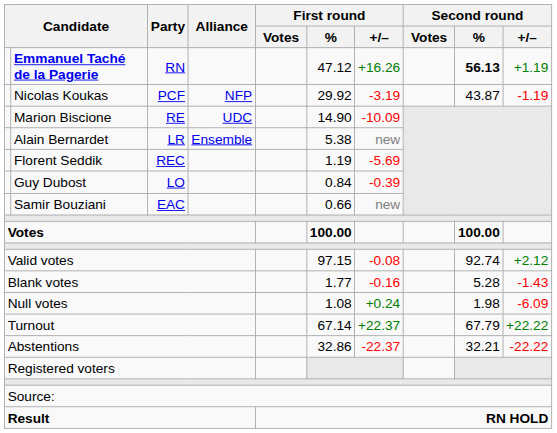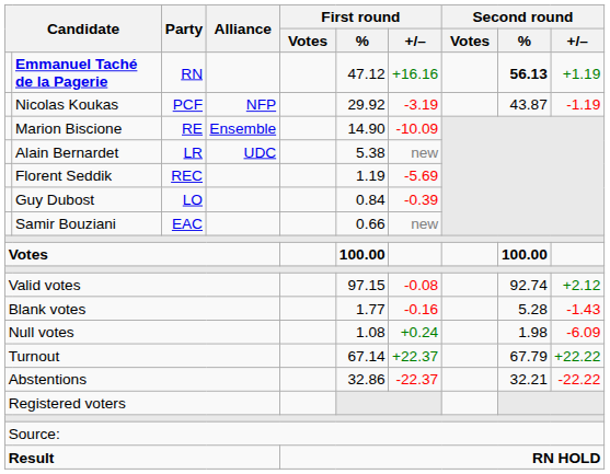 <table class="wikitable" style="text-align:right;font-size:95%;">
 <tr>
 <th rowspan="2" colspan="2">Candidate</th>
 <th colspan="1" rowspan="2">Party</th>
 <th colspan="1" rowspan="2">Alliance</th>
 <th colspan="3">First round</th>
 <th colspan="3">Second round</th>
 </tr>
 <tr>
 <th style="width:50px;">Votes</th>
 <th style="width:45px;">%</th>
 <th style="width:45px;">+/–</th>
 <th style="width:50px;">Votes</th>
 <th style="width:45px;">%</th>
 <th style="width:45px;">+/–</th>
 </tr>
 <tr>
 <td style="color:inherit;background:"></td>
 <td style="text-align:left;"><strong><a href='#'>Emmanuel Taché de la Pagerie</a></strong></td>
 <td><a href='#'>RN</a></td>
 <td></td>
 <td></td>
 <td>47.12</td>
-<td style="color:green;">+16.26</td>
+<td style="color:green;">+16.16</td>
 <td><strong></strong></td>
 <td><strong>56.13</strong></td>
 <td style="color:green;">+1.19</td>
 </tr>
 <tr>
 <td style="color:inherit;background:"></td>
 <td style="text-align:left;">Nicolas Koukas</td>
 <td><a href='#'>PCF</a></td>
 <td><a href='#'>NFP</a></td>
 <td></td>
 <td>29.92</td>
 <td style="color:red;">-3.19</td>
 <td></td>
 <td>43.87</td>
 <td style="color:red;">-1.19</td>
 </tr>
 <tr>
 <td style="color:inherit;background:"></td>
 <td style="text-align:left;">Marion Biscione</td>
 <td><a href='#'>RE</a></td>
-<td><a href='#'>UDC</a></td>
+<td><a href='#'>Ensemble</a></td>
 <td></td>
 <td>14.90</td>
 <td style="color:red;">-10.09</td>
 <td colspan="3" rowspan="5" style="background:#E9E9E9;"></td>
 </tr>
 <tr>
 <td style="color:inherit;background:"></td>
 <td style="text-align:left;">Alain Bernardet</td>
 <td><a href='#'>LR</a></td>
-<td><a href='#'>Ensemble</a></td>
+<td><a href='#'>UDC</a></td>
 <td></td>
 <td>5.38</td>
 <td style="color:grey;">new</td>
 </tr>
 <tr>
 <td style="color:inherit;background:"></td>
 <td style="text-align:left;">Florent Seddik</td>
 <td><a href='#'>REC</a></td>
 <td></td>
 <td></td>
 <td>1.19</td>
 <td style="color:red;">-5.69</td>
 </tr>
 <tr>
 <td style="color:inherit;background:"></td>
 <td style="text-align:left;">Guy Dubost</td>
 <td><a href='#'>LO</a></td>
 <td></td>
 <td></td>
 <td>0.84</td>
 <td style="color:red;">-0.39</td>
 </tr>
 <tr>
 <td style="color:inherit;background:"></td>
 <td style="text-align:left;">Samir Bouziani</td>
 <td><a href='#'>EAC</a></td>
 <td></td>
 <td></td>
 <td>0.66</td>
 <td style="color:grey;">new</td>
 </tr>
 <tr>
 <td colspan="10" style="background:#E9E9E9;"></td>
 </tr>
 <tr style="font-weight:bold;">
 <td colspan="4" style="text-align:left;">Votes</td>
 <td></td>
 <td>100.00</td>
 <td></td>
 <td></td>
 <td>100.00</td>
 <td></td>
 </tr>
 <tr>
 <td colspan="10" style="background:#E9E9E9;"></td>
 </tr>
 <tr>
 <td colspan="4" style="text-align:left;">Valid votes</td>
 <td></td>
 <td>97.15</td>
 <td style="color:red;">-0.08</td>
 <td></td>
 <td>92.74</td>
 <td style="color:green;">+2.12</td>
 </tr>
 <tr>
 <td colspan="4" style="text-align:left;">Blank votes</td>
 <td></td>
 <td>1.77</td>
 <td style="color:red;">-0.16</td>
 <td></td>
 <td>5.28</td>
 <td style="color:red;">-1.43</td>
 </tr>
 <tr>
 <td colspan="4" style="text-align:left;">Null votes</td>
 <td></td>
 <td>1.08</td>
 <td style="color:green;">+0.24</td>
 <td></td>
 <td>1.98</td>
 <td style="color:red;">-6.09</td>
 </tr>
 <tr>
 <td colspan="4" style="text-align:left;">Turnout</td>
 <td></td>
 <td>67.14</td>
 <td style="color:green;">+22.37</td>
 <td></td>
 <td>67.79</td>
 <td style="color:green;">+22.22</td>
 </tr>
 <tr>
 <td colspan="4" style="text-align:left;">Abstentions</td>
 <td></td>
 <td>32.86</td>
 <td style="color:red;">-22.37</td>
 <td></td>
 <td>32.21</td>
 <td style="color:red;">-22.22</td>
 </tr>
 <tr>
 <td colspan="4" style="text-align:left;">Registered voters</td>
 <td></td>
 <td colspan="2" style="background:#E9E9E9;"></td>
 <td></td>
 <td colspan="2" style="background:#E9E9E9;"></td>
 </tr>
 <tr>
 <td colspan="10" style="background:#E9E9E9;"></td>
 </tr>
 <tr>
 <td colspan="10" style="text-align:left;">Source: </td>
 </tr>
 <tr style="font-weight:bold">
 <td colspan="4" style="text-align:left;">Result</td>
 <td colspan="6" style="background-color:">RN HOLD</td>
 </tr>
 </table>
